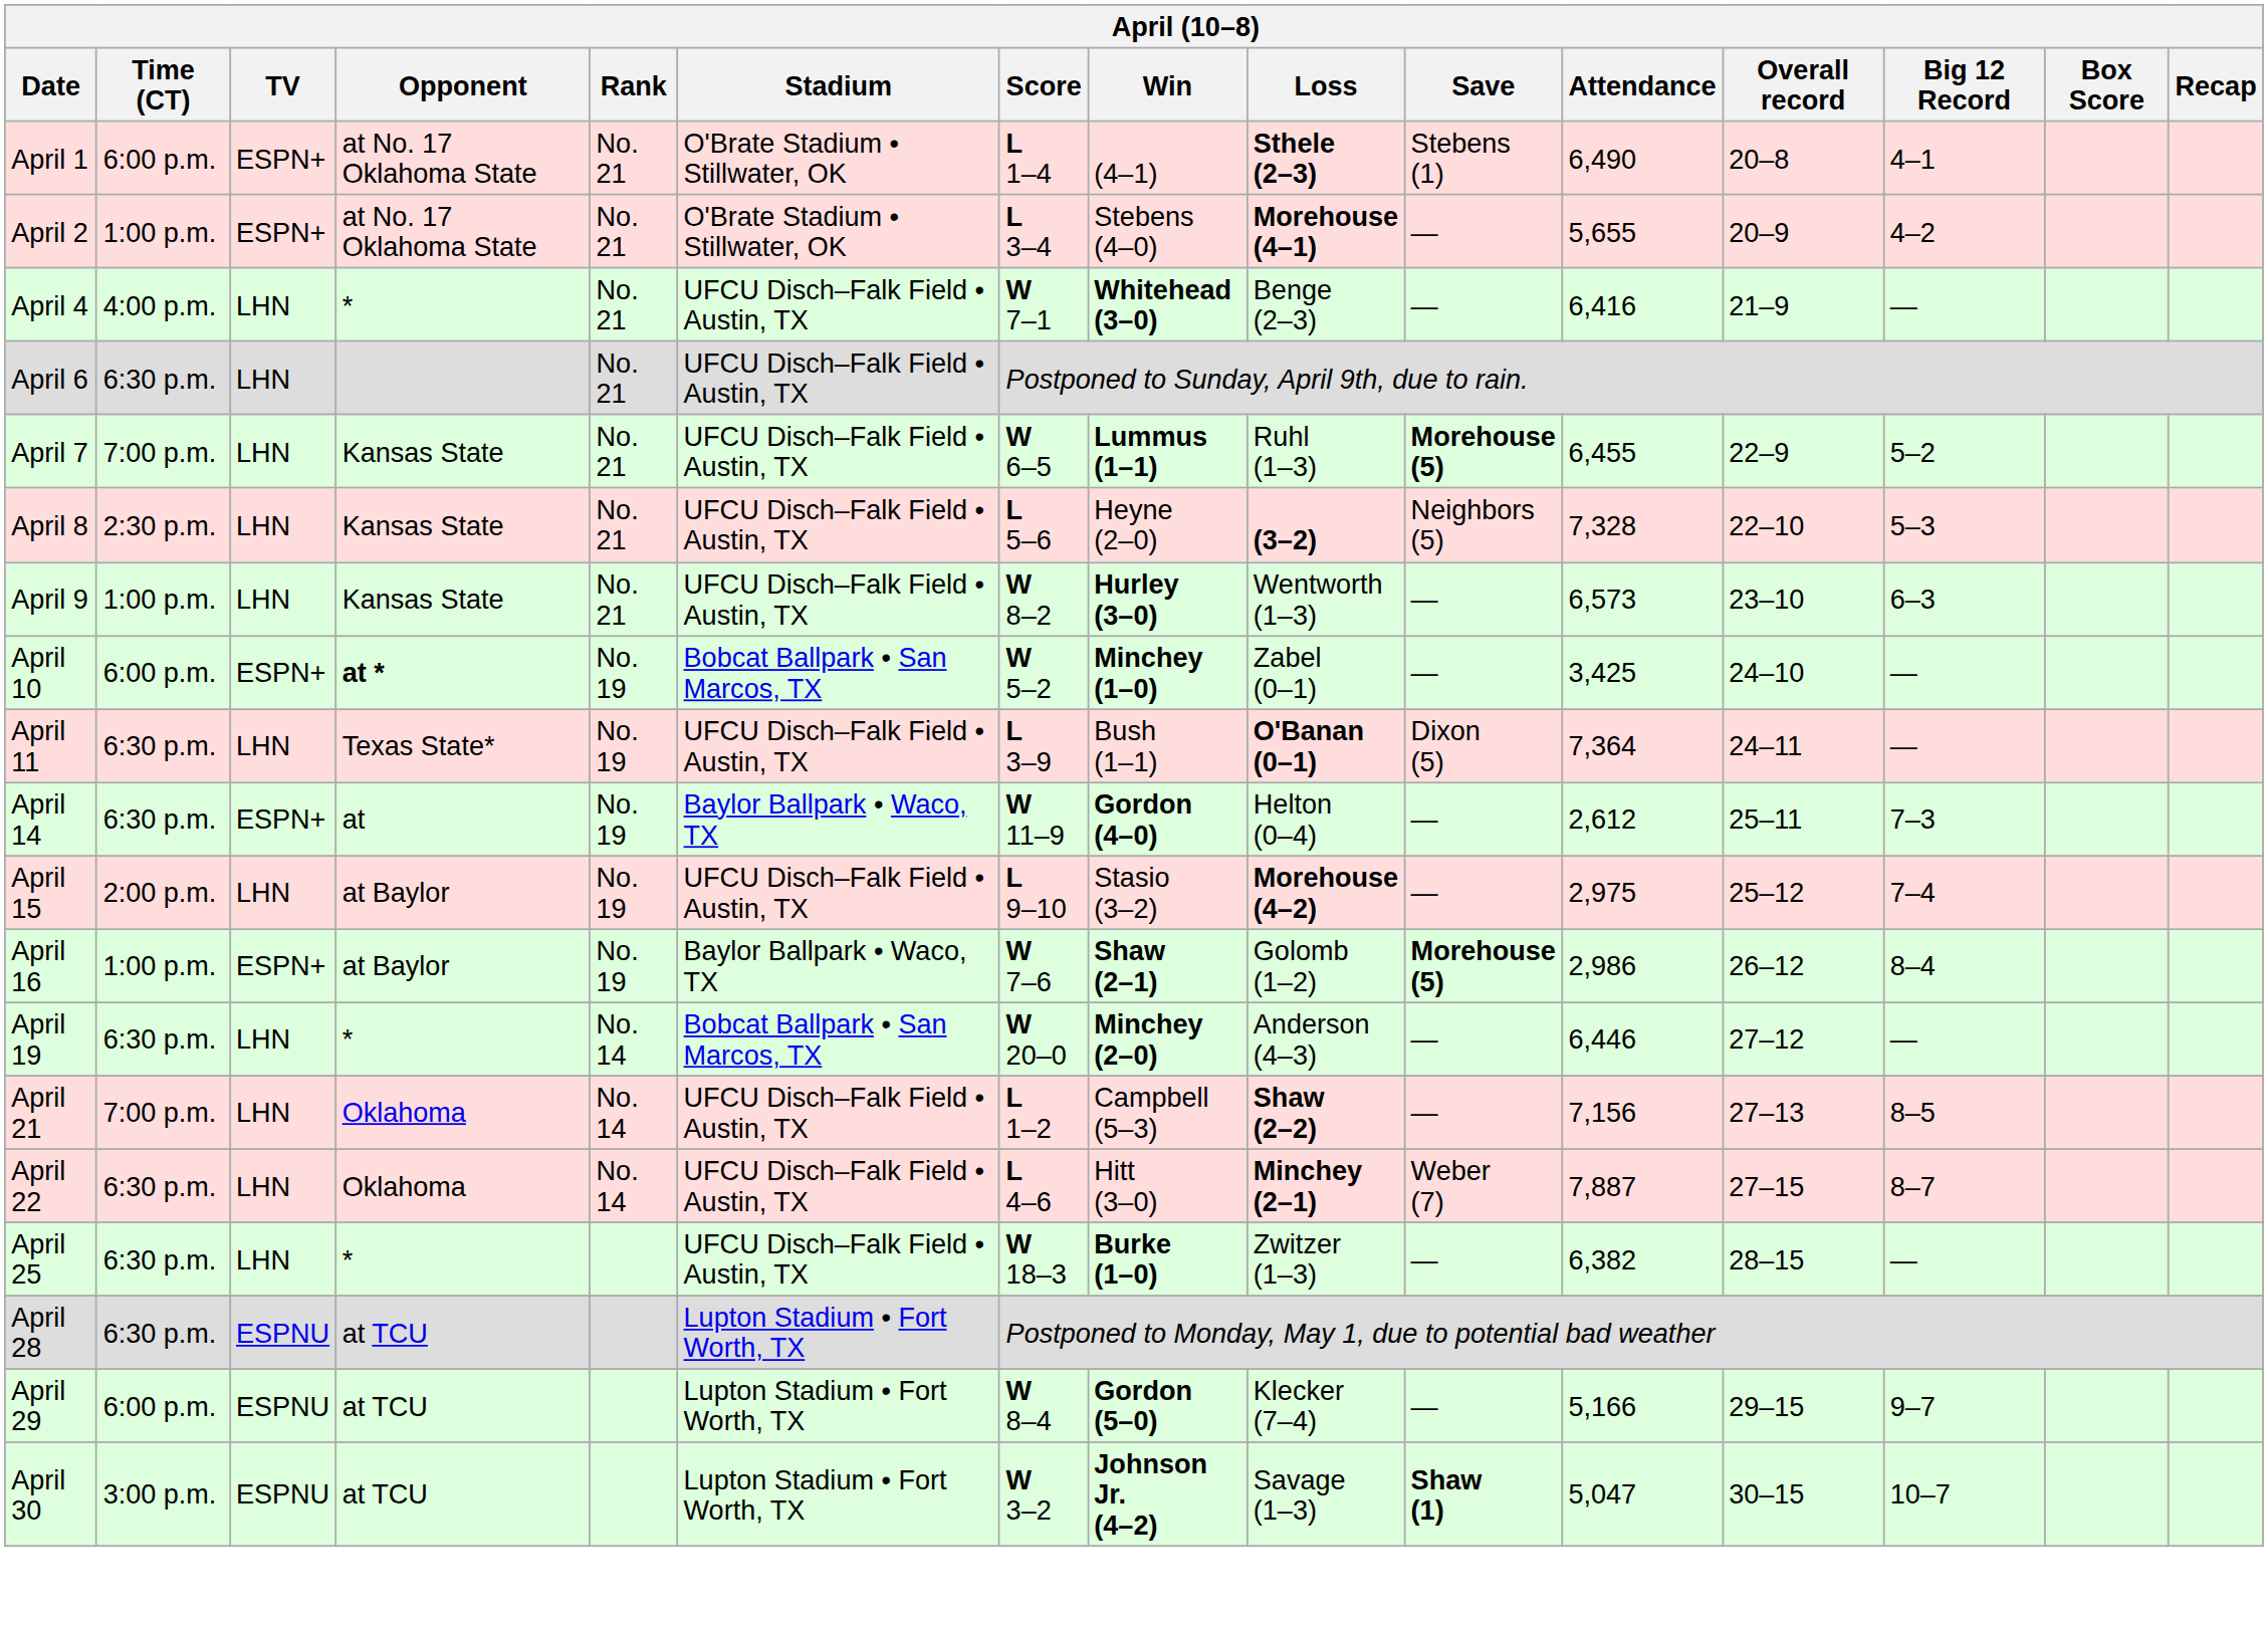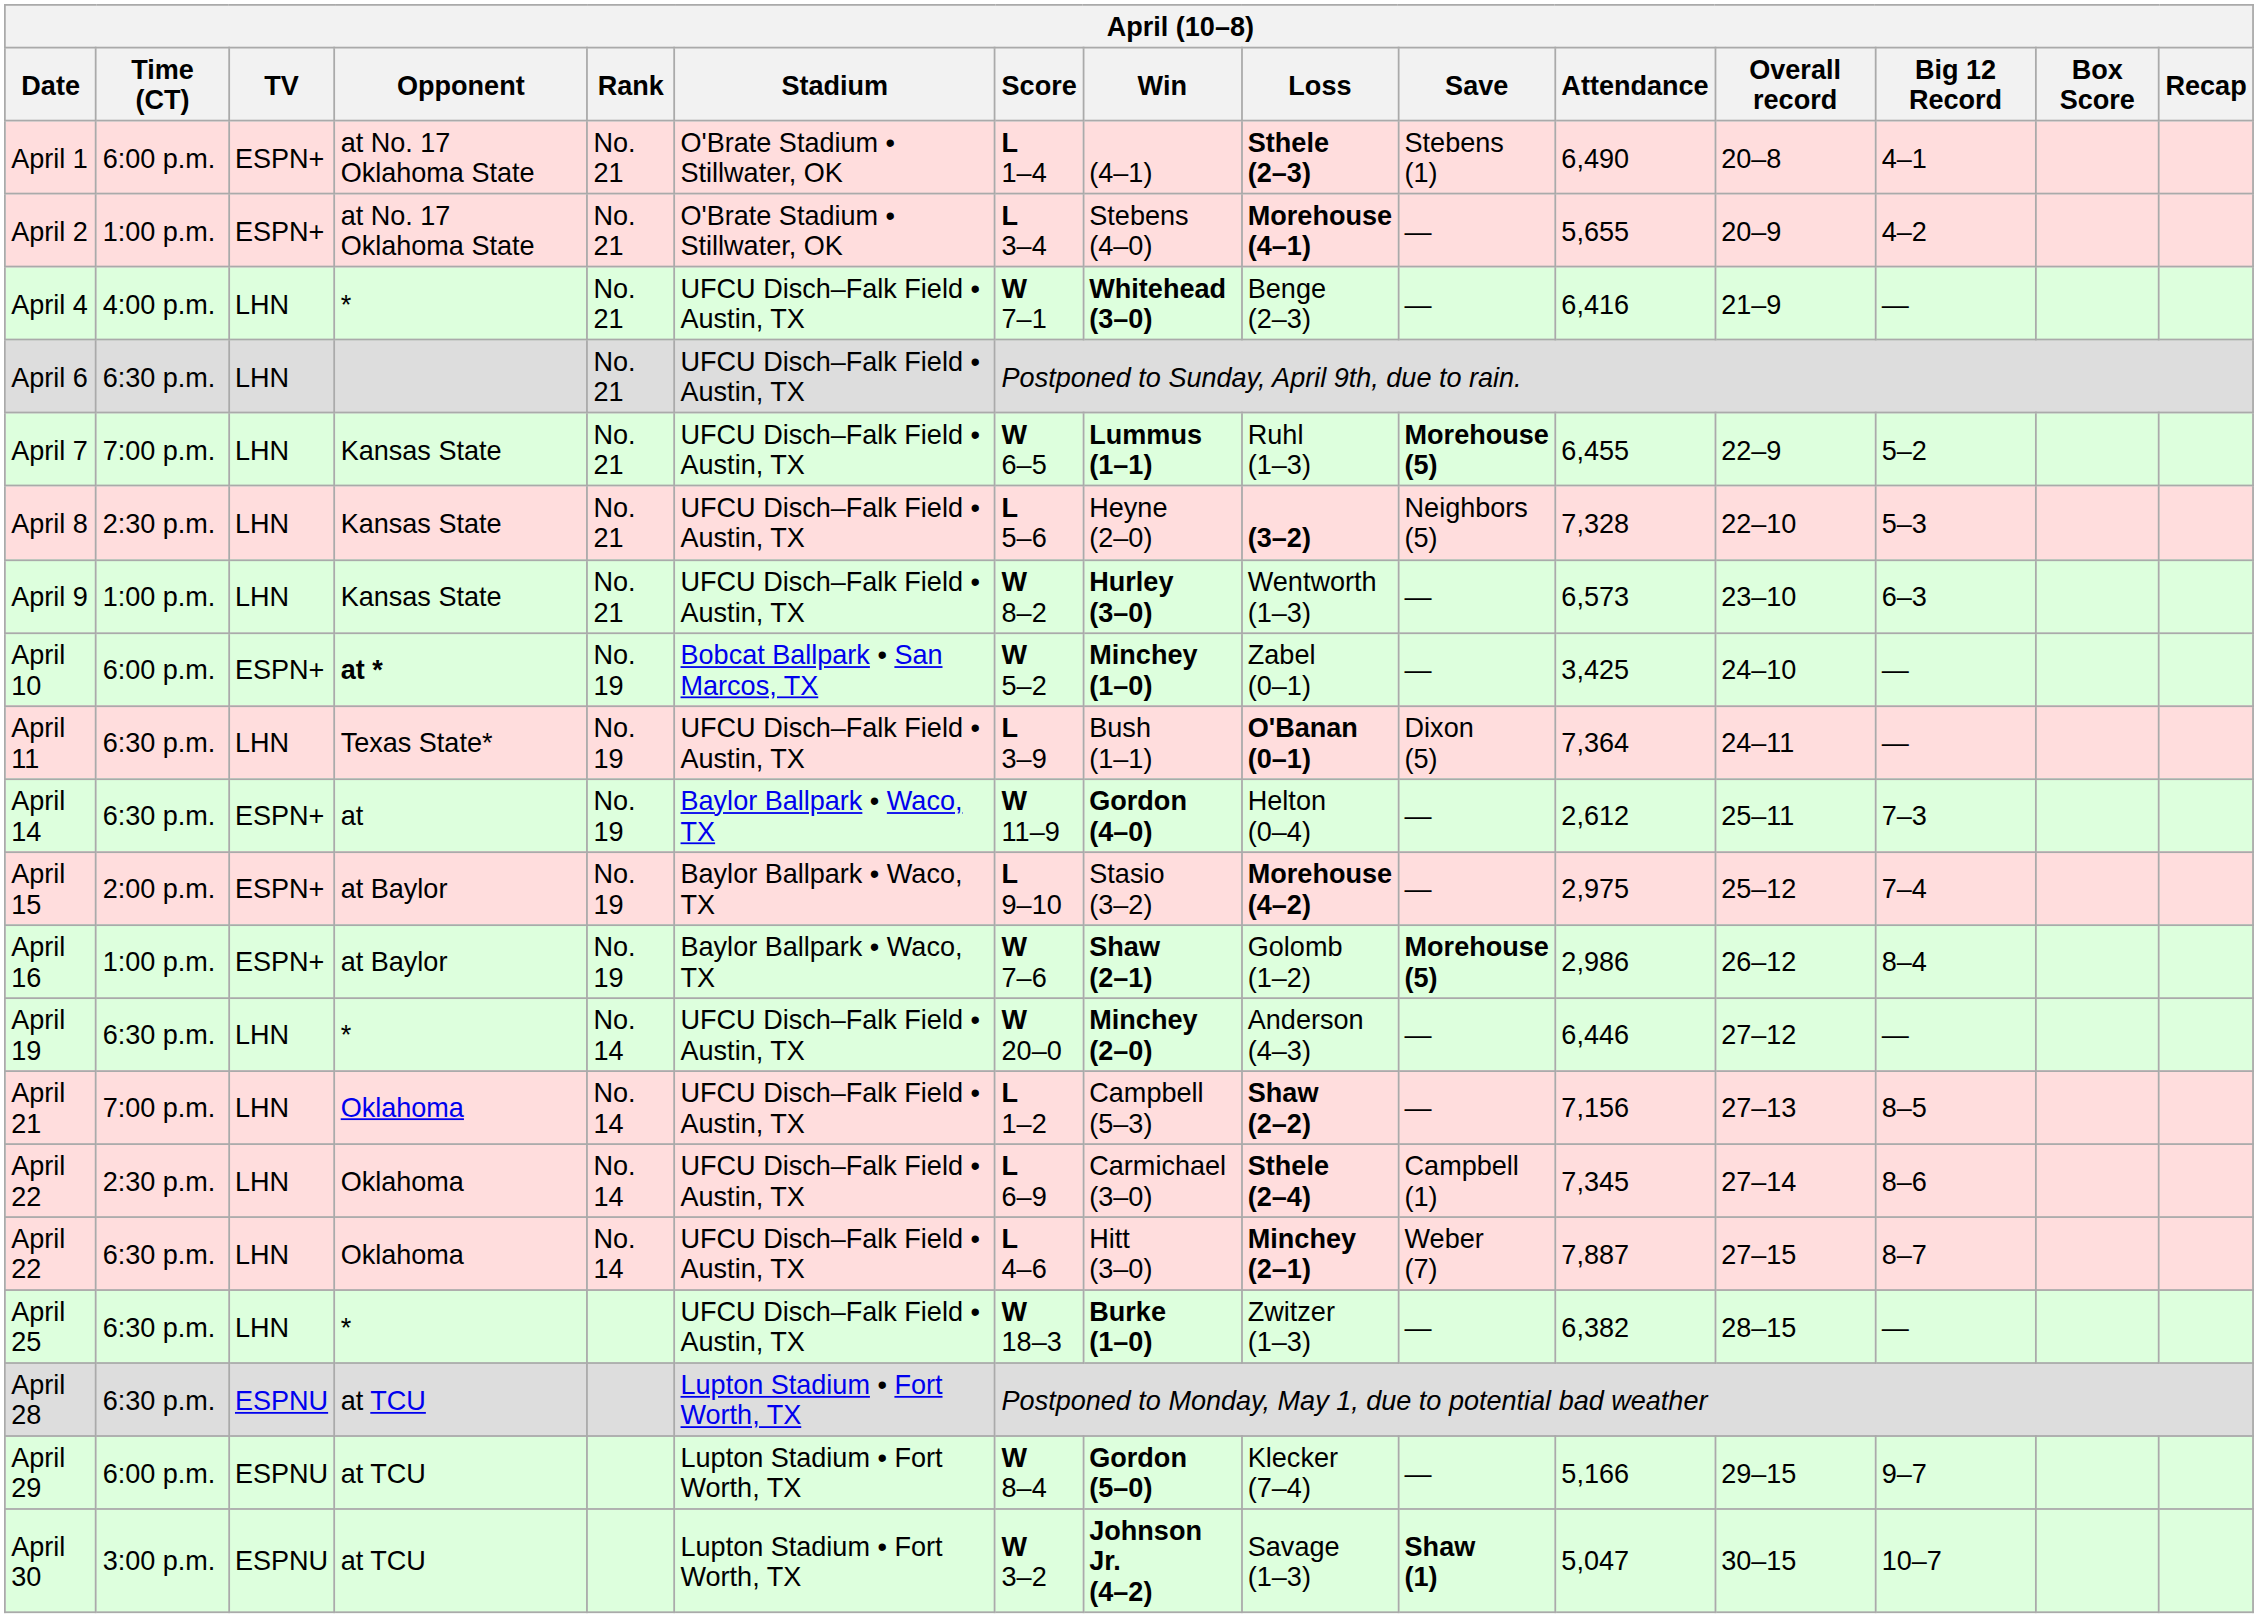 <table class="wikitable collapsible collapsed" style="margin:auto; font-size:95%; width:100%">
 <tr>
 <th colspan=15 style="padding-left:4em;">April (10–8)</th>
 </tr>
 <tr>
 <th>Date</th>
 <th>Time (CT)</th>
 <th>TV</th>
 <th>Opponent</th>
 <th>Rank</th>
 <th>Stadium</th>
 <th>Score</th>
 <th>Win</th>
 <th>Loss</th>
 <th>Save</th>
 <th>Attendance</th>
 <th>Overall record</th>
 <th>Big 12 Record</th>
 <th>Box Score</th>
 <th>Recap</th>
 </tr>
 <tr bgcolor= ffdddd>
 <td>April 1</td>
 <td>6:00 p.m.</td>
 <td>ESPN+</td>
 <td>at No. 17 Oklahoma State</td>
 <td>No. 21</td>
 <td>O'Brate Stadium • Stillwater, OK</td>
 <td><strong>L</strong><br>1–4</td>
 <td><br>(4–1)</td>
 <td><strong>Sthele<br>(2–3)</strong></td>
 <td>Stebens<br>(1)</td>
 <td>6,490</td>
 <td>20–8</td>
 <td>4–1</td>
 <td></td>
 <td></td>
 </tr>
 <tr bgcolor= ffdddd>
 <td>April 2</td>
 <td>1:00 p.m.</td>
 <td>ESPN+</td>
 <td>at No. 17 Oklahoma State</td>
 <td>No. 21</td>
 <td>O'Brate Stadium • Stillwater, OK</td>
 <td><strong>L</strong><br>3–4</td>
 <td>Stebens<br>(4–0)</td>
 <td><strong>Morehouse<br>(4–1)</strong></td>
 <td>—</td>
 <td>5,655</td>
 <td>20–9</td>
 <td>4–2</td>
 <td></td>
 <td></td>
 </tr>
 <tr bgcolor= ddffdd>
 <td>April 4</td>
 <td>4:00 p.m.</td>
 <td>LHN</td>
 <td>*</td>
 <td>No. 21</td>
 <td>UFCU Disch–Falk Field • Austin, TX</td>
 <td><strong>W</strong><br>7–1</td>
 <td><strong>Whitehead<br>(3–0)</strong></td>
 <td>Benge<br>(2–3)</td>
 <td>—</td>
 <td>6,416</td>
 <td>21–9</td>
 <td>—</td>
 <td></td>
 <td></td>
 </tr>
 <tr bgcolor= dddddd>
 <td>April 6</td>
 <td>6:30 p.m.</td>
 <td>LHN</td>
 <td></td>
 <td>No. 21</td>
 <td>UFCU Disch–Falk Field • Austin, TX</td>
 <td colspan=9><em>Postponed to Sunday, April 9th, due to rain.</em></td>
 </tr>
 <tr bgcolor= ddffdd>
 <td>April 7</td>
 <td>7:00 p.m.</td>
 <td>LHN</td>
 <td>Kansas State</td>
 <td>No. 21</td>
 <td>UFCU Disch–Falk Field • Austin, TX</td>
 <td><strong>W</strong><br>6–5</td>
 <td><strong>Lummus<br>(1–1)</strong></td>
 <td>Ruhl<br>(1–3)</td>
 <td><strong>Morehouse<br>(5)</strong></td>
 <td>6,455</td>
 <td>22–9</td>
 <td>5–2</td>
 <td></td>
 <td></td>
 </tr>
 <tr bgcolor= ffdddd>
 <td>April 8</td>
 <td>2:30 p.m.</td>
 <td>LHN</td>
 <td>Kansas State</td>
 <td>No. 21</td>
 <td>UFCU Disch–Falk Field • Austin, TX</td>
 <td><strong>L</strong><br>5–6</td>
 <td>Heyne<br>(2–0)</td>
 <td><strong><br>(3–2)</strong></td>
 <td>Neighbors<br>(5)</td>
 <td>7,328</td>
 <td>22–10</td>
 <td>5–3</td>
 <td></td>
 <td></td>
 </tr>
 <tr bgcolor= ddffdd>
 <td>April 9</td>
 <td>1:00 p.m.</td>
 <td>LHN</td>
 <td>Kansas State</td>
 <td>No. 21</td>
 <td>UFCU Disch–Falk Field • Austin, TX</td>
 <td><strong>W</strong><br>8–2</td>
 <td><strong>Hurley<br>(3–0)</strong></td>
 <td>Wentworth<br>(1–3)</td>
 <td>—</td>
 <td>6,573</td>
 <td>23–10</td>
 <td>6–3</td>
 <td></td>
 <td></td>
 </tr>
 <tr bgcolor= ddffdd>
 <td>April 10</td>
 <td>6:00 p.m.</td>
 <td>ESPN+</td>
 <td><strong>at *</strong></td>
 <td>No. 19</td>
 <td><a href='#'>Bobcat Ballpark</a> • <a href='#'>San Marcos, TX</a></td>
 <td><strong>W</strong><br>5–2</td>
 <td><strong>Minchey<br>(1–0)</strong></td>
 <td>Zabel<br>(0–1)</td>
 <td>—</td>
 <td>3,425</td>
 <td>24–10</td>
 <td>—</td>
 <td></td>
 <td></td>
 </tr>
 <tr bgcolor= ffdddd>
 <td>April 11</td>
 <td>6:30 p.m.</td>
 <td>LHN</td>
 <td>Texas State*</td>
 <td>No. 19</td>
 <td>UFCU Disch–Falk Field • Austin, TX</td>
 <td><strong>L</strong><br>3–9</td>
 <td>Bush<br>(1–1)</td>
 <td><strong>O'Banan<br>(0–1)</strong></td>
 <td>Dixon<br>(5)</td>
 <td>7,364</td>
 <td>24–11</td>
 <td>—</td>
 <td></td>
 <td></td>
 </tr>
 <tr bgcolor= ddffdd>
 <td>April 14</td>
 <td>6:30 p.m.</td>
 <td>ESPN+</td>
 <td>at </td>
 <td>No. 19</td>
 <td><a href='#'>Baylor Ballpark</a> • <a href='#'>Waco, TX</a></td>
 <td><strong>W</strong><br>11–9</td>
 <td><strong>Gordon<br>(4–0)</strong></td>
 <td>Helton<br>(0–4)</td>
 <td>—</td>
 <td>2,612</td>
 <td>25–11</td>
 <td>7–3</td>
 <td></td>
 <td></td>
 </tr>
 <tr bgcolor= ffdddd>
 <td>April 15</td>
 <td>2:00 p.m.</td>
-<td>LHN</td>
+<td>ESPN+</td>
 <td>at Baylor</td>
 <td>No. 19</td>
-<td>UFCU Disch–Falk Field • Austin, TX</td>
+<td>Baylor Ballpark • Waco, TX</td>
 <td><strong>L</strong><br>9–10</td>
 <td>Stasio<br>(3–2)</td>
 <td><strong>Morehouse<br>(4–2)</strong></td>
 <td>—</td>
 <td>2,975</td>
 <td>25–12</td>
 <td>7–4</td>
 <td></td>
 <td></td>
 </tr>
 <tr bgcolor= ddffdd>
 <td>April 16</td>
 <td>1:00 p.m.</td>
 <td>ESPN+</td>
 <td>at Baylor</td>
 <td>No. 19</td>
 <td>Baylor Ballpark • Waco, TX</td>
 <td><strong>W</strong><br>7–6</td>
 <td><strong>Shaw<br>(2–1)</strong></td>
 <td>Golomb<br>(1–2)</td>
 <td><strong>Morehouse<br>(5)</strong></td>
 <td>2,986</td>
 <td>26–12</td>
 <td>8–4</td>
 <td></td>
 <td></td>
 </tr>
 <tr bgcolor= ddffdd>
 <td>April 19</td>
 <td>6:30 p.m.</td>
 <td>LHN</td>
 <td>*</td>
 <td>No. 14</td>
-<td><a href='#'>Bobcat Ballpark</a> • <a href='#'>San Marcos, TX</a></td>
+<td>UFCU Disch–Falk Field • Austin, TX</td>
 <td><strong>W</strong><br>20–0</td>
 <td><strong>Minchey<br>(2–0)</strong></td>
 <td>Anderson<br>(4–3)</td>
 <td>—</td>
 <td>6,446</td>
 <td>27–12</td>
 <td>—</td>
 <td></td>
 <td></td>
 </tr>
 <tr bgcolor= ffdddd>
 <td>April 21</td>
 <td>7:00 p.m.</td>
 <td>LHN</td>
 <td><a href='#'>Oklahoma</a></td>
 <td>No. 14</td>
 <td>UFCU Disch–Falk Field • Austin, TX</td>
 <td><strong>L</strong><br>1–2</td>
 <td>Campbell<br>(5–3)</td>
 <td><strong>Shaw<br>(2–2)</strong></td>
 <td>—</td>
 <td>7,156</td>
 <td>27–13</td>
 <td>8–5</td>
+<td></td>
+<td></td>
+</tr>
+<tr bgcolor= ffdddd>
+<td>April 22</td>
+<td>2:30 p.m.</td>
+<td>LHN</td>
+<td>Oklahoma</td>
+<td>No. 14</td>
+<td>UFCU Disch–Falk Field • Austin, TX</td>
+<td><strong>L</strong><br>6–9</td>
+<td>Carmichael<br>(3–0)</td>
+<td><strong>Sthele<br>(2–4)</strong></td>
+<td>Campbell<br>(1)</td>
+<td>7,345</td>
+<td>27–14</td>
+<td>8–6</td>
 <td></td>
 <td></td>
 </tr>
 <tr bgcolor= ffdddd>
 <td>April 22</td>
 <td>6:30 p.m.</td>
 <td>LHN</td>
 <td>Oklahoma</td>
 <td>No. 14</td>
 <td>UFCU Disch–Falk Field • Austin, TX</td>
 <td><strong>L</strong><br>4–6</td>
 <td>Hitt<br>(3–0)</td>
 <td><strong>Minchey<br>(2–1)</strong></td>
 <td>Weber<br>(7)</td>
 <td>7,887</td>
 <td>27–15</td>
 <td>8–7</td>
 <td></td>
 <td></td>
 </tr>
 <tr bgcolor= ddffdd>
 <td>April 25</td>
 <td>6:30 p.m.</td>
 <td>LHN</td>
 <td>*</td>
 <td></td>
 <td>UFCU Disch–Falk Field • Austin, TX</td>
 <td><strong>W</strong><br>18–3</td>
 <td><strong>Burke<br>(1–0)</strong></td>
 <td>Zwitzer<br>(1–3)</td>
 <td>—</td>
 <td>6,382</td>
 <td>28–15</td>
 <td>—</td>
 <td></td>
 <td></td>
 </tr>
 <tr bgcolor= dddddd>
 <td>April 28</td>
 <td>6:30 p.m.</td>
 <td><a href='#'>ESPNU</a></td>
 <td>at <a href='#'>TCU</a></td>
 <td></td>
 <td><a href='#'>Lupton Stadium</a> • <a href='#'>Fort Worth, TX</a></td>
 <td colspan=9><em>Postponed to Monday, May 1, due to potential bad weather</em></td>
 </tr>
 <tr bgcolor= ddffdd>
 <td>April 29</td>
 <td>6:00 p.m.</td>
 <td>ESPNU</td>
 <td>at TCU</td>
 <td></td>
 <td>Lupton Stadium • Fort Worth, TX</td>
 <td><strong>W</strong><br>8–4</td>
 <td><strong>Gordon<br>(5–0)</strong></td>
 <td>Klecker<br>(7–4)</td>
 <td>—</td>
 <td>5,166</td>
 <td>29–15</td>
 <td>9–7</td>
 <td></td>
 <td></td>
 </tr>
 <tr bgcolor= ddffdd>
 <td>April 30</td>
 <td>3:00 p.m.</td>
 <td>ESPNU</td>
 <td>at TCU</td>
 <td></td>
 <td>Lupton Stadium • Fort Worth, TX</td>
 <td><strong>W</strong><br>3–2</td>
 <td><strong>Johnson Jr.<br>(4–2)</strong></td>
 <td>Savage<br>(1–3)</td>
 <td><strong>Shaw<br>(1)</strong></td>
 <td>5,047</td>
 <td>30–15</td>
 <td>10–7</td>
 <td></td>
 <td></td>
 </tr>
 </table>
